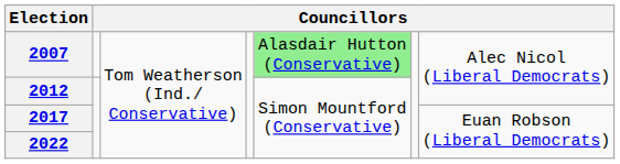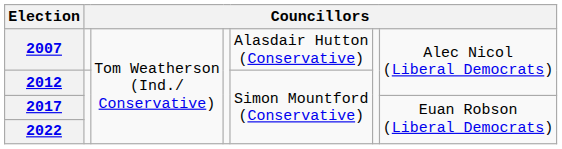 <table class="wikitable" style="text-align:center">
 <tr>
 <th>Election</th>
 <th colspan=8>Councillors</th>
 </tr>
 <tr>
 <th><a href='#'>2007</a></th>
 <td rowspan=1; style="background-color: "></td>
 <td rowspan=4>Tom Weatherson<br>(Ind./<br><a href='#'>Conservative</a>)</td>
 <td rowspan=4; style="background-color: "></td>
-<td rowspan=1 style="background: lightgreen;">Alasdair Hutton<br>(<a href='#'>Conservative</a>)</td>
+<td rowspan=1>Alasdair Hutton<br>(<a href='#'>Conservative</a>)</td>
 <td rowspan=4; style="background-color: "></td>
 <td rowspan=2>Alec Nicol<br>(<a href='#'>Liberal Democrats</a>)</td>
 </tr>
 <tr>
 <th><a href='#'>2012</a></th>
 <td rowspan=3; style="background-color: "></td>
 <td rowspan=3>Simon Mountford<br>(<a href='#'>Conservative</a>)</td>
 </tr>
 <tr>
 <th><a href='#'>2017</a></th>
 <td rowspan=2>Euan Robson<br>(<a href='#'>Liberal Democrats</a>)</td>
 </tr>
 <tr>
 <th><a href='#'>2022</a></th>
 </tr>
 </table>
